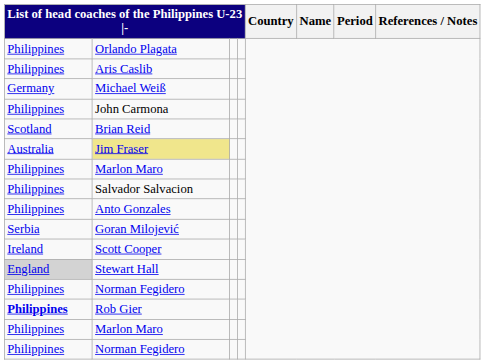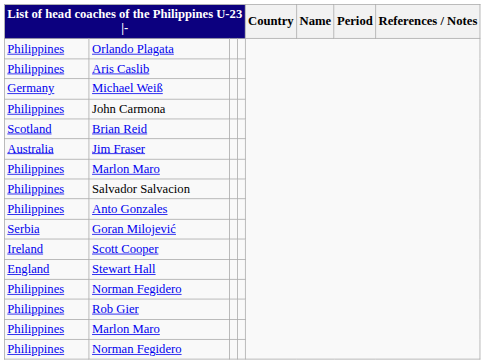 <table class="wikitable mw-collapsible ">
 <tr>
 <th colspan=4 style="background: #0C007F; color: #FFFFFF;">List of head coaches of the Philippines U-23<br>|-</th>
 <th>Country</th>
 <th>Name</th>
 <th>Period</th>
 <th>References / Notes</th>
 </tr>
 <tr>
 <td> <a href='#'>Philippines</a></td>
 <td><a href='#'>Orlando Plagata</a></td>
 <td></td>
 <td></td>
 </tr>
 <tr>
 <td> <a href='#'>Philippines</a></td>
 <td><a href='#'>Aris Caslib</a></td>
 <td></td>
 <td></td>
 </tr>
 <tr>
 <td> <a href='#'>Germany</a></td>
 <td><a href='#'>Michael Weiß</a></td>
 <td></td>
 <td></td>
 </tr>
 <tr>
 <td> <a href='#'>Philippines</a></td>
 <td>John Carmona</td>
 <td></td>
 <td></td>
 </tr>
 <tr>
 <td> <a href='#'>Scotland</a></td>
 <td><a href='#'>Brian Reid</a></td>
 <td></td>
 <td></td>
 </tr>
 <tr>
 <td> <a href='#'>Australia</a></td>
-<td style="background: khaki;"><a href='#'>Jim Fraser</a></td>
+<td><a href='#'>Jim Fraser</a></td>
 <td></td>
 <td></td>
 </tr>
 <tr>
 <td> <a href='#'>Philippines</a></td>
 <td><a href='#'>Marlon Maro</a></td>
 <td></td>
 <td></td>
 </tr>
 <tr>
 <td> <a href='#'>Philippines</a></td>
 <td>Salvador Salvacion</td>
 <td></td>
 <td></td>
 </tr>
 <tr>
 <td> <a href='#'>Philippines</a></td>
 <td><a href='#'>Anto Gonzales</a></td>
 <td></td>
 <td></td>
 </tr>
 <tr>
 <td> <a href='#'>Serbia</a></td>
 <td><a href='#'>Goran Milojević</a></td>
 <td></td>
 <td></td>
 </tr>
 <tr>
 <td> <a href='#'>Ireland</a></td>
 <td><a href='#'>Scott Cooper</a></td>
 <td></td>
 <td></td>
 </tr>
 <tr>
-<td style="background: lightgrey;"> <a href='#'>England</a></td>
+<td> <a href='#'>England</a></td>
 <td><a href='#'>Stewart Hall</a></td>
 <td></td>
 <td></td>
 </tr>
 <tr>
 <td> <a href='#'>Philippines</a></td>
 <td><a href='#'>Norman Fegidero</a></td>
 <td></td>
 <td></td>
 </tr>
 <tr>
-<td><strong> <a href='#'>Philippines</a></strong></td>
+<td> <a href='#'>Philippines</a></td>
 <td><a href='#'>Rob Gier</a></td>
 <td></td>
 <td></td>
 </tr>
 <tr>
 <td> <a href='#'>Philippines</a></td>
 <td><a href='#'>Marlon Maro</a></td>
 <td></td>
 <td></td>
 </tr>
 <tr>
 <td> <a href='#'>Philippines</a></td>
 <td><a href='#'>Norman Fegidero</a></td>
 <td></td>
 <td></td>
 </tr>
 </table>
